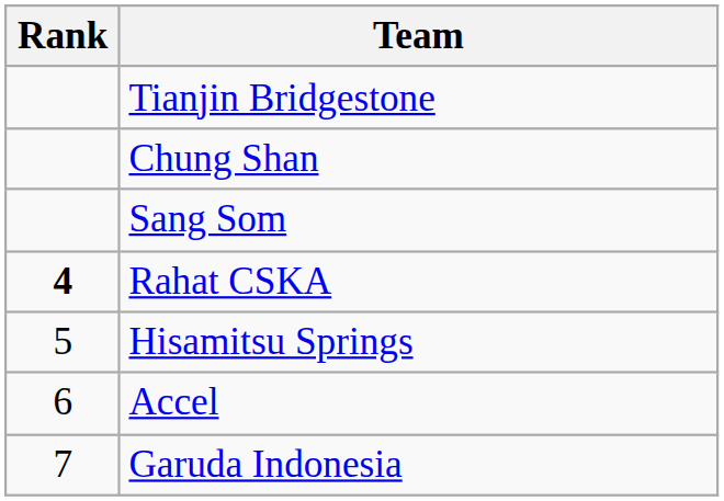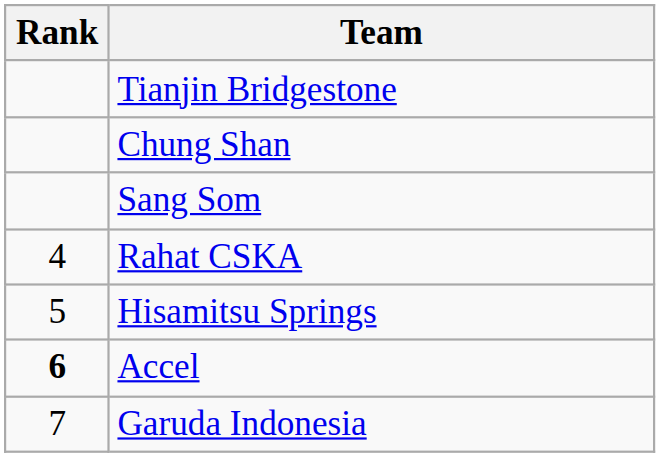 <table class="wikitable" style="text-align: center;">
 <tr>
 <th width=40>Rank</th>
 <th width=240>Team</th>
 </tr>
 <tr>
 <td></td>
 <td align="left"> <a href='#'>Tianjin Bridgestone</a></td>
 </tr>
 <tr>
 <td></td>
 <td align="left"> <a href='#'>Chung Shan</a></td>
 </tr>
 <tr>
 <td></td>
 <td align="left"> <a href='#'>Sang Som</a></td>
 </tr>
 <tr>
-<td><strong>4</strong></td>
+<td>4</td>
 <td align="left"> <a href='#'>Rahat CSKA</a></td>
 </tr>
 <tr>
 <td>5</td>
 <td align="left"> <a href='#'>Hisamitsu Springs</a></td>
 </tr>
 <tr>
-<td>6</td>
+<td><strong>6</strong></td>
 <td align="left"> <a href='#'>Accel</a></td>
 </tr>
 <tr>
 <td>7</td>
 <td align="left"> <a href='#'>Garuda Indonesia</a></td>
 </tr>
 </table>
